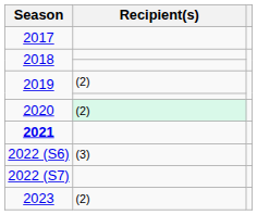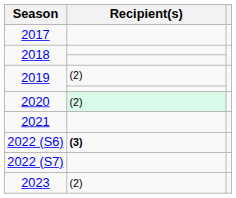 <table class="wikitable sortable" style=text-align:center>
 <tr>
 <th>Season</th>
 <th style=width:12em>Recipient(s)</th>
 <th class=unsortable></th>
 </tr>
 <tr>
 <td><a href='#'>2017</a></td>
 <td align=left></td>
 <td></td>
 </tr>
 <tr>
 <td rowspan=2><a href='#'>2018</a></td>
 <td align=left></td>
 <td rowspan=2></td>
 </tr>
 <tr>
 <td align=left><strong></strong></td>
 </tr>
 <tr>
 <td rowspan=2><a href='#'>2019</a></td>
 <td align=left> <small>(2)</small></td>
 <td rowspan=2></td>
 </tr>
 <tr>
 <td align=left></td>
 </tr>
 <tr>
 <td><a href='#'>2020</a></td>
 <td align=left bgcolor=D9F9E9> <small>(2)</small></td>
 <td></td>
 </tr>
 <tr>
-<td><strong><a href='#'>2021</a></strong></td>
+<td><a href='#'>2021</a></td>
 <td align=left><strong></strong></td>
 <td></td>
 </tr>
 <tr>
 <td><a href='#'>2022 (S6)</a></td>
-<td align=left> <small>(3)</small></td>
+<td align=left><strong> <small>(3)</small></strong></td>
 <td></td>
 </tr>
 <tr>
 <td><a href='#'>2022 (S7)</a></td>
 <td align=left><strong></strong></td>
 <td></td>
 </tr>
 <tr>
 <td><a href='#'>2023</a></td>
 <td align=left><strong></strong> <small>(2)</small></td>
 <td></td>
 </tr>
 </table>
